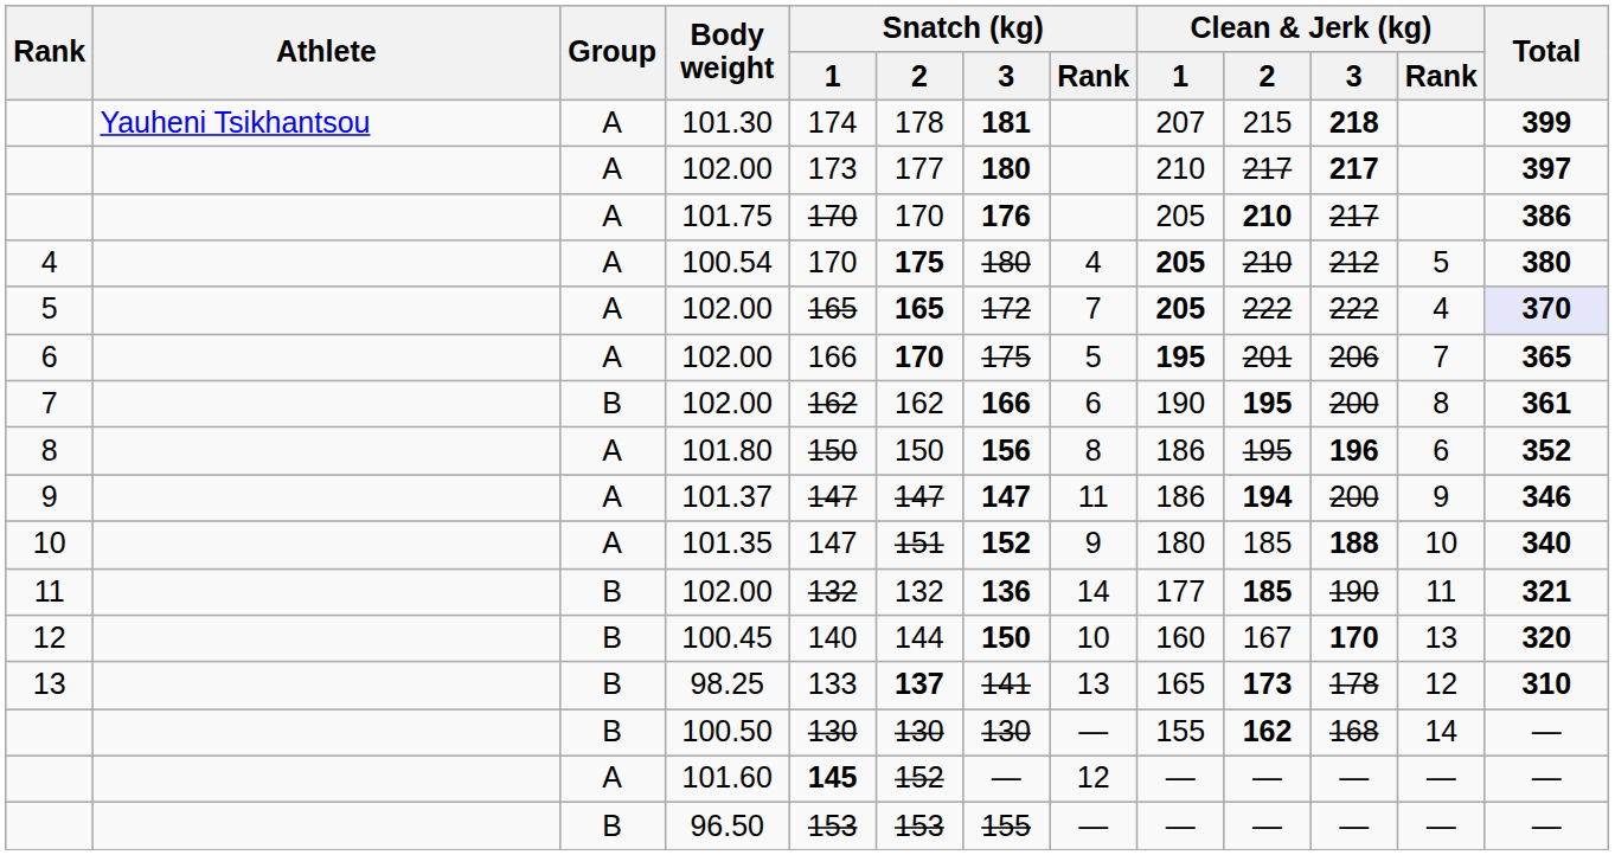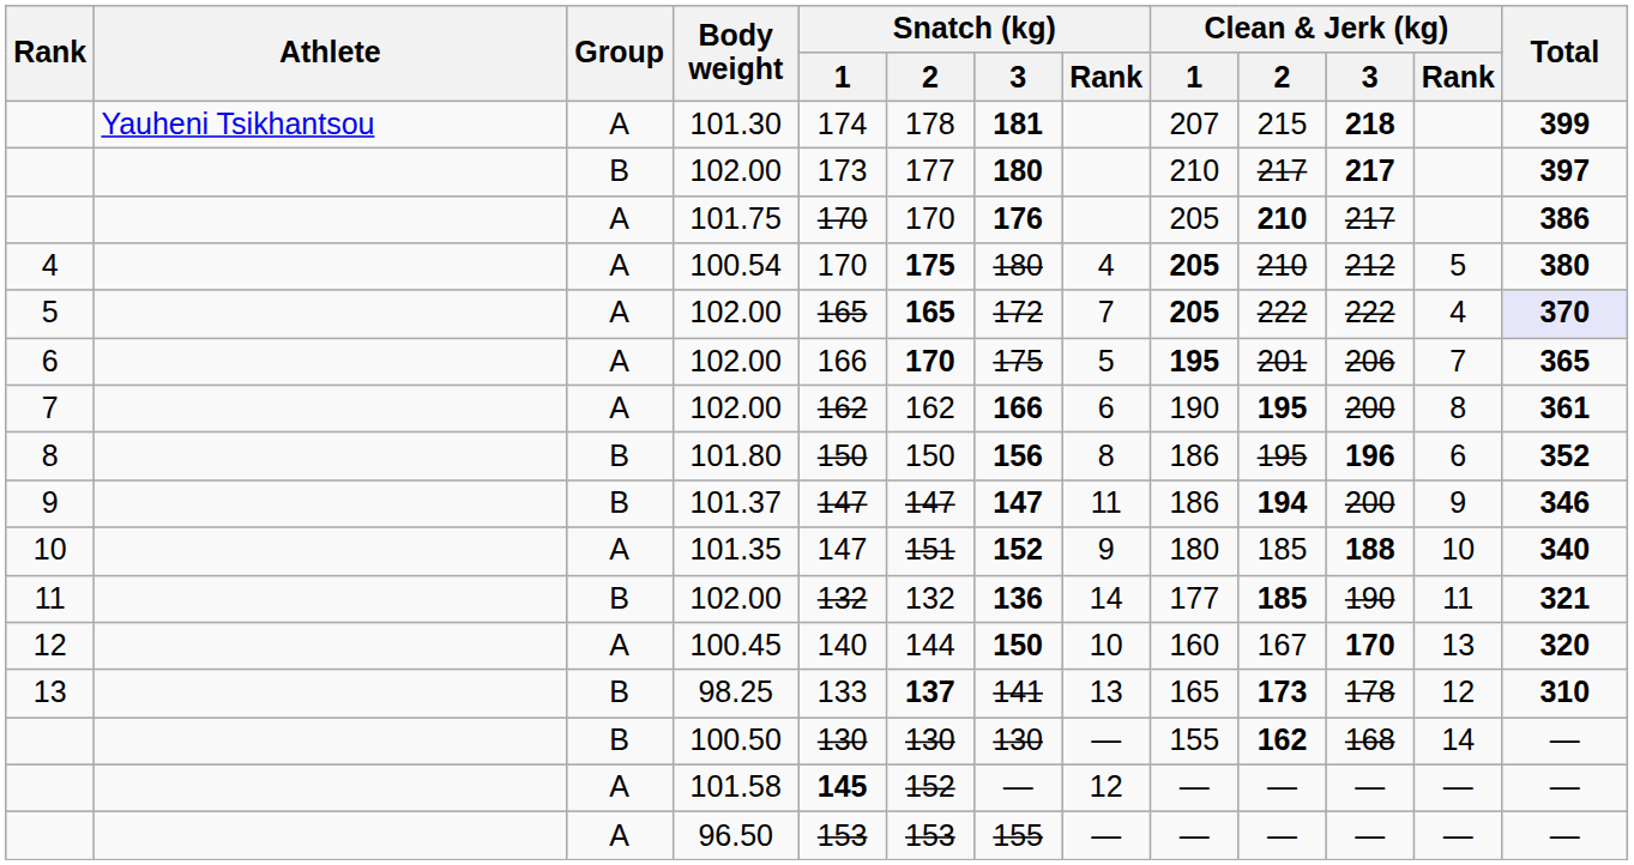 <table class = "wikitable" style="text-align:center;">
 <tr>
 <th rowspan=2 width=40>Rank</th>
 <th rowspan=2 width=250>Athlete</th>
 <th rowspan=2 width=50>Group</th>
 <th rowspan=2 width=60>Body weight</th>
 <th colspan=4>Snatch (kg)</th>
 <th colspan=4>Clean & Jerk (kg)</th>
 <th rowspan=2 width=60>Total</th>
 </tr>
 <tr>
 <th width=40>1</th>
 <th width=40>2</th>
 <th width=40>3</th>
 <th width=40>Rank</th>
 <th width=40>1</th>
 <th width=40>2</th>
 <th width=40>3</th>
 <th width=40>Rank</th>
 </tr>
 <tr>
 <td></td>
 <td align=left> <a href='#'>Yauheni Tsikhantsou</a> </td>
 <td>A</td>
 <td>101.30</td>
 <td>174</td>
 <td>178</td>
 <td><strong>181</strong></td>
 <td></td>
 <td>207</td>
 <td>215</td>
 <td><strong>218</strong></td>
 <td></td>
 <td><strong>399</strong></td>
 </tr>
 <tr>
 <td></td>
 <td align=left></td>
-<td>A</td>
+<td>B</td>
 <td>102.00</td>
 <td>173</td>
 <td>177</td>
 <td><strong>180</strong></td>
 <td></td>
 <td>210</td>
 <td><s>217</s></td>
 <td><strong>217</strong></td>
 <td></td>
 <td><strong>397</strong></td>
 </tr>
 <tr>
 <td></td>
 <td align=left></td>
 <td>A</td>
 <td>101.75</td>
 <td><s>170</s></td>
 <td>170</td>
 <td><strong>176</strong></td>
 <td></td>
 <td>205</td>
 <td><strong>210</strong></td>
 <td><s>217</s></td>
 <td></td>
 <td><strong>386</strong></td>
 </tr>
 <tr>
 <td>4</td>
 <td align=left></td>
 <td>A</td>
 <td>100.54</td>
 <td>170</td>
 <td><strong>175</strong></td>
 <td><s>180</s></td>
 <td>4</td>
 <td><strong>205</strong></td>
 <td><s>210</s></td>
 <td><s>212</s></td>
 <td>5</td>
 <td><strong>380</strong></td>
 </tr>
 <tr>
 <td>5</td>
 <td align=left></td>
 <td>A</td>
 <td>102.00</td>
 <td><s>165</s></td>
 <td><strong>165</strong></td>
 <td><s>172</s></td>
 <td>7</td>
 <td><strong>205</strong></td>
 <td><s>222</s></td>
 <td><s>222</s></td>
 <td>4</td>
 <td style="background: lavender;"><strong>370</strong></td>
 </tr>
 <tr>
 <td>6</td>
 <td align=left></td>
 <td>A</td>
 <td>102.00</td>
 <td>166</td>
 <td><strong>170</strong></td>
 <td><s>175</s></td>
 <td>5</td>
 <td><strong>195</strong></td>
 <td><s>201</s></td>
 <td><s>206</s></td>
 <td>7</td>
 <td><strong>365</strong></td>
 </tr>
 <tr>
 <td>7</td>
 <td align=left></td>
-<td>B</td>
+<td>A</td>
 <td>102.00</td>
 <td><s>162</s></td>
 <td>162</td>
 <td><strong>166</strong></td>
 <td>6</td>
 <td>190</td>
 <td><strong>195</strong></td>
 <td><s>200</s></td>
 <td>8</td>
 <td><strong>361</strong></td>
 </tr>
 <tr>
 <td>8</td>
 <td align=left></td>
-<td>A</td>
+<td>B</td>
 <td>101.80</td>
 <td><s>150</s></td>
 <td>150</td>
 <td><strong>156</strong></td>
 <td>8</td>
 <td>186</td>
 <td><s>195</s></td>
 <td><strong>196</strong></td>
 <td>6</td>
 <td><strong>352</strong></td>
 </tr>
 <tr>
 <td>9</td>
 <td align=left></td>
-<td>A</td>
+<td>B</td>
 <td>101.37</td>
 <td><s>147</s></td>
 <td><s>147</s></td>
 <td><strong>147</strong></td>
 <td>11</td>
 <td>186</td>
 <td><strong>194</strong></td>
 <td><s>200</s></td>
 <td>9</td>
 <td><strong>346</strong></td>
 </tr>
 <tr>
 <td>10</td>
 <td align=left></td>
 <td>A</td>
 <td>101.35</td>
 <td>147</td>
 <td><s>151</s></td>
 <td><strong>152</strong></td>
 <td>9</td>
 <td>180</td>
 <td>185</td>
 <td><strong>188</strong></td>
 <td>10</td>
 <td><strong>340</strong></td>
 </tr>
 <tr>
 <td>11</td>
 <td align=left></td>
 <td>B</td>
 <td>102.00</td>
 <td><s>132</s></td>
 <td>132</td>
 <td><strong>136</strong></td>
 <td>14</td>
 <td>177</td>
 <td><strong>185</strong></td>
 <td><s>190</s></td>
 <td>11</td>
 <td><strong>321</strong></td>
 </tr>
 <tr>
 <td>12</td>
 <td align=left></td>
-<td>B</td>
+<td>A</td>
 <td>100.45</td>
 <td>140</td>
 <td>144</td>
 <td><strong>150</strong></td>
 <td>10</td>
 <td>160</td>
 <td>167</td>
 <td><strong>170</strong></td>
 <td>13</td>
 <td><strong>320</strong></td>
 </tr>
 <tr>
 <td>13</td>
 <td align=left></td>
 <td>B</td>
 <td>98.25</td>
 <td>133</td>
 <td><strong>137</strong></td>
 <td><s>141</s></td>
 <td>13</td>
 <td>165</td>
 <td><strong>173</strong></td>
 <td><s>178</s></td>
 <td>12</td>
 <td><strong>310</strong></td>
 </tr>
 <tr>
 <td></td>
 <td align=left></td>
 <td>B</td>
 <td>100.50</td>
 <td><s>130</s></td>
 <td><s>130</s></td>
 <td><s>130</s></td>
 <td>—</td>
 <td>155</td>
 <td><strong>162</strong></td>
 <td><s>168</s></td>
 <td>14</td>
 <td>—</td>
 </tr>
 <tr>
 <td></td>
 <td align=left></td>
 <td>A</td>
-<td>101.60</td>
+<td>101.58</td>
 <td><strong>145</strong></td>
 <td><s>152</s></td>
 <td>—</td>
 <td>12</td>
 <td>—</td>
 <td>—</td>
 <td>—</td>
 <td>—</td>
 <td>—</td>
 </tr>
 <tr>
 <td></td>
 <td align=left></td>
-<td>B</td>
+<td>A</td>
 <td>96.50</td>
 <td><s>153</s></td>
 <td><s>153</s></td>
 <td><s>155</s></td>
 <td>—</td>
 <td>—</td>
 <td>—</td>
 <td>—</td>
 <td>—</td>
 <td>—</td>
 </tr>
 </table>
